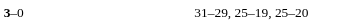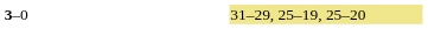 <table>
 <tr>
 <th width=200></th>
 <th width=80></th>
 <th width=200></th>
 <th width=220></th>
 </tr>
 <tr>
 <td align=right><strong></strong></td>
 <td align=center><strong>3</strong>–0</td>
 <td></td>
-<td>31–29, 25–19, 25–20</td>
+<td style="background: khaki;">31–29, 25–19, 25–20</td>
 </tr>
 </table>
